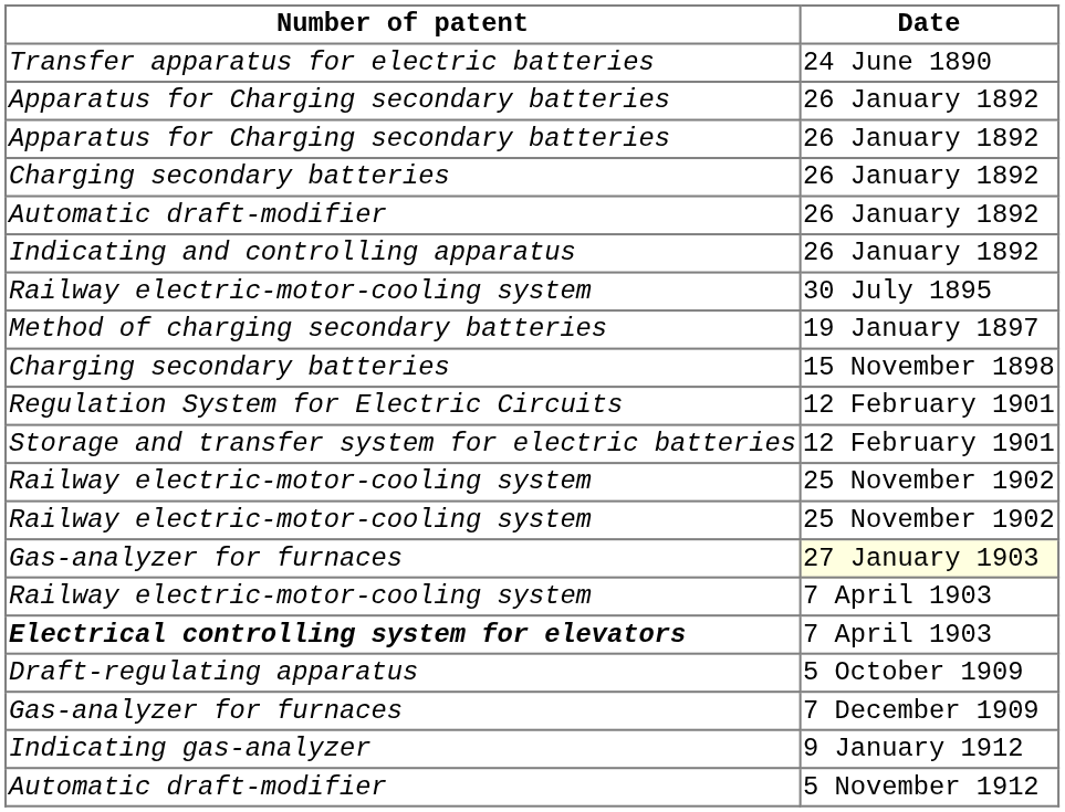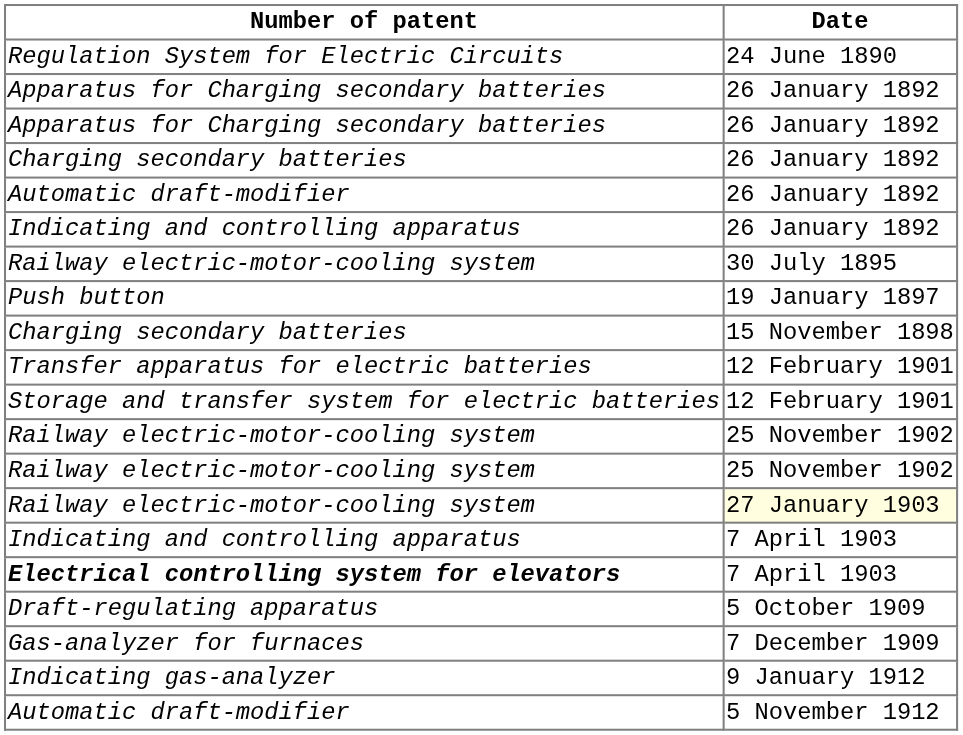 <table class = "sortable" | border="1" cellpadding="1" style="border-collapse: collapse; font-size:90%">
 <tr>
 <th><strong>Number of patent</strong></th>
 <th><strong>Date</strong></th>
 </tr>
 <tr>
-<td> <em>Transfer apparatus for electric batteries</em></td>
+<td> <em>Regulation System for Electric Circuits</em></td>
 <td>24 June 1890</td>
 </tr>
 <tr>
 <td> <em>Apparatus for Charging secondary batteries</em></td>
 <td>26 January 1892</td>
 </tr>
 <tr>
 <td> <em>Apparatus for Charging secondary batteries</em></td>
 <td>26 January 1892</td>
 </tr>
 <tr>
 <td> <em>Charging secondary batteries</em></td>
 <td>26 January 1892</td>
 </tr>
 <tr>
 <td> <em>Automatic draft-modifier</em></td>
 <td>26 January 1892</td>
 </tr>
 <tr>
 <td> <em>Indicating and controlling apparatus</em></td>
 <td>26 January 1892</td>
 </tr>
 <tr>
 <td> <em>Railway electric-motor-cooling system</em></td>
 <td>30 July 1895</td>
 </tr>
 <tr>
-<td> <em>Method of charging secondary batteries</em></td>
+<td> <em>Push button</em></td>
 <td>19 January 1897</td>
 </tr>
 <tr>
 <td> <em>Charging secondary batteries</em></td>
 <td>15 November 1898</td>
 </tr>
 <tr>
-<td> <em>Regulation System for Electric Circuits</em></td>
+<td> <em>Transfer apparatus for electric batteries</em></td>
 <td>12 February 1901</td>
 </tr>
 <tr>
 <td> <em>Storage and transfer system for electric batteries</em></td>
 <td>12 February 1901</td>
 </tr>
 <tr>
 <td> <em>Railway electric-motor-cooling system</em></td>
 <td>25 November 1902</td>
 </tr>
 <tr>
 <td> <em>Railway electric-motor-cooling system</em></td>
 <td>25 November 1902</td>
 </tr>
 <tr>
-<td> <em>Gas-analyzer for furnaces</em></td>
+<td> <em>Railway electric-motor-cooling system</em></td>
 <td style="background: lightyellow;">27 January 1903</td>
 </tr>
 <tr>
-<td> <em>Railway electric-motor-cooling system</em></td>
+<td> <em>Indicating and controlling apparatus</em></td>
 <td>7 April 1903</td>
 </tr>
 <tr>
 <td><strong> <em>Electrical controlling system for elevators</em></strong></td>
 <td>7 April 1903</td>
 </tr>
 <tr>
 <td> <em>Draft-regulating apparatus</em></td>
 <td>5 October 1909</td>
 </tr>
 <tr>
 <td> <em>Gas-analyzer for furnaces</em></td>
 <td>7 December 1909</td>
 </tr>
 <tr>
 <td> <em>Indicating gas-analyzer</em></td>
 <td>9 January 1912</td>
 </tr>
 <tr>
 <td> <em>Automatic draft-modifier</em></td>
 <td>5 November 1912</td>
 </tr>
 </table>
